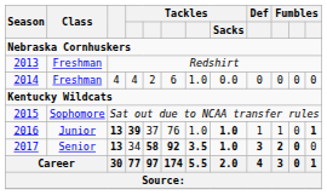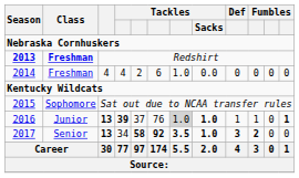 <table class="wikitable">
 <tr>
 <th rowspan="2">Season</th>
 <th rowspan="2">Class</th>
 <th rowspan="2"></th>
 <th colspan="5">Tackles</th>
 <th colspan="1">Def</th>
 <th colspan="3">Fumbles</th>
 </tr>
 <tr>
 <th></th>
 <th></th>
 <th></th>
 <th></th>
 <th>Sacks</th>
 <th></th>
 <th></th>
 <th></th>
 <th></th>
 </tr>
 <tr>
 <td ! colspan="12"><strong>Nebraska Cornhuskers</strong></td>
 </tr>
 <tr>
-<td style="text-align:center;"><a href='#'>2013</a></td>
-<td style="text-align:center;"><a href='#'>Freshman</a></td>
+<td style="text-align:center;"><strong><a href='#'>2013</a></strong></td>
+<td style="text-align:center;"><strong><a href='#'>Freshman</a></strong></td>
 <td colspan="11" style="text-align:center;"><em> Redshirt</em></td>
 </tr>
 <tr>
 <td style="text-align:center;"><a href='#'>2014</a></td>
 <td style="text-align:center;"> <a href='#'>Freshman</a></td>
 <td style="text-align:center;">4</td>
 <td style="text-align:center;">4</td>
 <td style="text-align:center;">2</td>
 <td style="text-align:center;">6</td>
 <td style="text-align:center;">1.0</td>
 <td style="text-align:center;">0.0</td>
 <td style="text-align:center;">0</td>
 <td style="text-align:center;">0</td>
 <td style="text-align:center;">0</td>
 <td style="text-align:center;">0</td>
 </tr>
 <tr>
 <td ! colspan="12"><strong>Kentucky Wildcats</strong></td>
 </tr>
 <tr>
 <td style="text-align:center;"><a href='#'>2015</a></td>
 <td style="text-align:center;"> <a href='#'>Sophomore</a></td>
 <td colspan="12" style="text-align:center;"><em>Sat out due to NCAA transfer rules</em></td>
 </tr>
 <tr>
 <td style="text-align:center;"><a href='#'>2016</a></td>
 <td style="text-align:center;"> <a href='#'>Junior</a></td>
 <td style="text-align:center;"><strong>13</strong></td>
 <td style="text-align:center;"><strong>39</strong></td>
 <td style="text-align:center;">37</td>
 <td style="text-align:center;">76</td>
-<td style="text-align:center;">1.0</td>
+<td style="background: lightgrey; text-align:center;">1.0</td>
 <td style="text-align:center;"><strong>1.0</strong></td>
 <td style="text-align:center;">1</td>
 <td style="text-align:center;">1</td>
 <td style="text-align:center;">0</td>
 <td style="text-align:center;"><strong>1</strong></td>
 </tr>
 <tr>
 <td style="text-align:center;"><a href='#'>2017</a></td>
 <td style="text-align:center;"> <a href='#'>Senior</a></td>
 <td style="text-align:center;"><strong>13</strong></td>
 <td style="text-align:center;">34</td>
 <td style="text-align:center;"><strong>58</strong></td>
 <td style="text-align:center;"><strong>92</strong></td>
 <td style="text-align:center;"><strong>3.5</strong></td>
 <td style="text-align:center;"><strong>1.0</strong></td>
 <td style="text-align:center;"><strong>3</strong></td>
 <td style="text-align:center;"><strong>2</strong></td>
-<td style="text-align:center;"><strong>0</strong></td>
+<td style="text-align:center;">0</td>
 <td style="text-align:center;">0</td>
 </tr>
 <tr>
 <th colspan="2" style="text-align:center;">Career</th>
 <th style="text-align:center;">30</th>
 <th style="text-align:center;">77</th>
 <th style="text-align:center;">97</th>
 <th style="text-align:center;">174</th>
 <th style="text-align:center;">5.5</th>
 <th style="text-align:center;">2.0</th>
 <th style="text-align:center;">4</th>
 <th style="text-align:center;">3</th>
 <th style="text-align:center;">0</th>
 <th style="text-align:center;">1</th>
 </tr>
 <tr>
 <th colspan="12" style="text-align:center;">Source:</th>
 </tr>
 <tr>
 </tr>
 </table>
